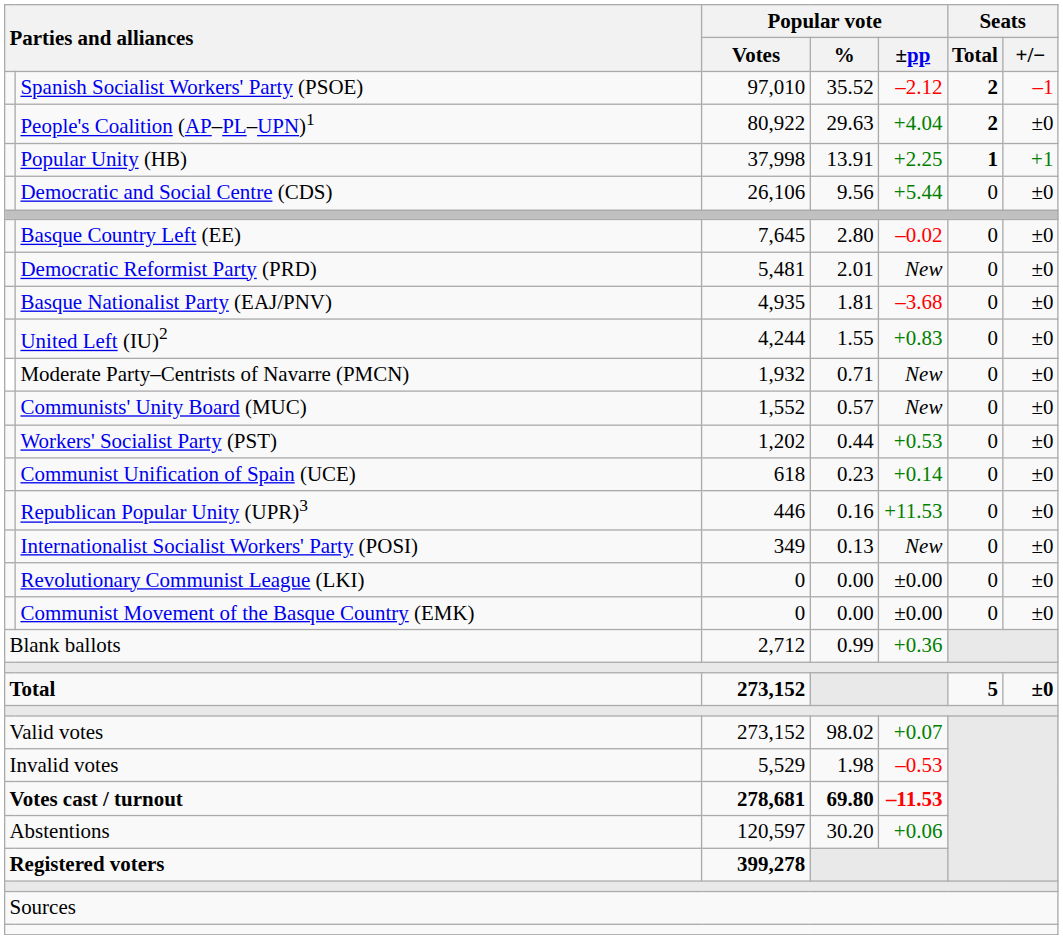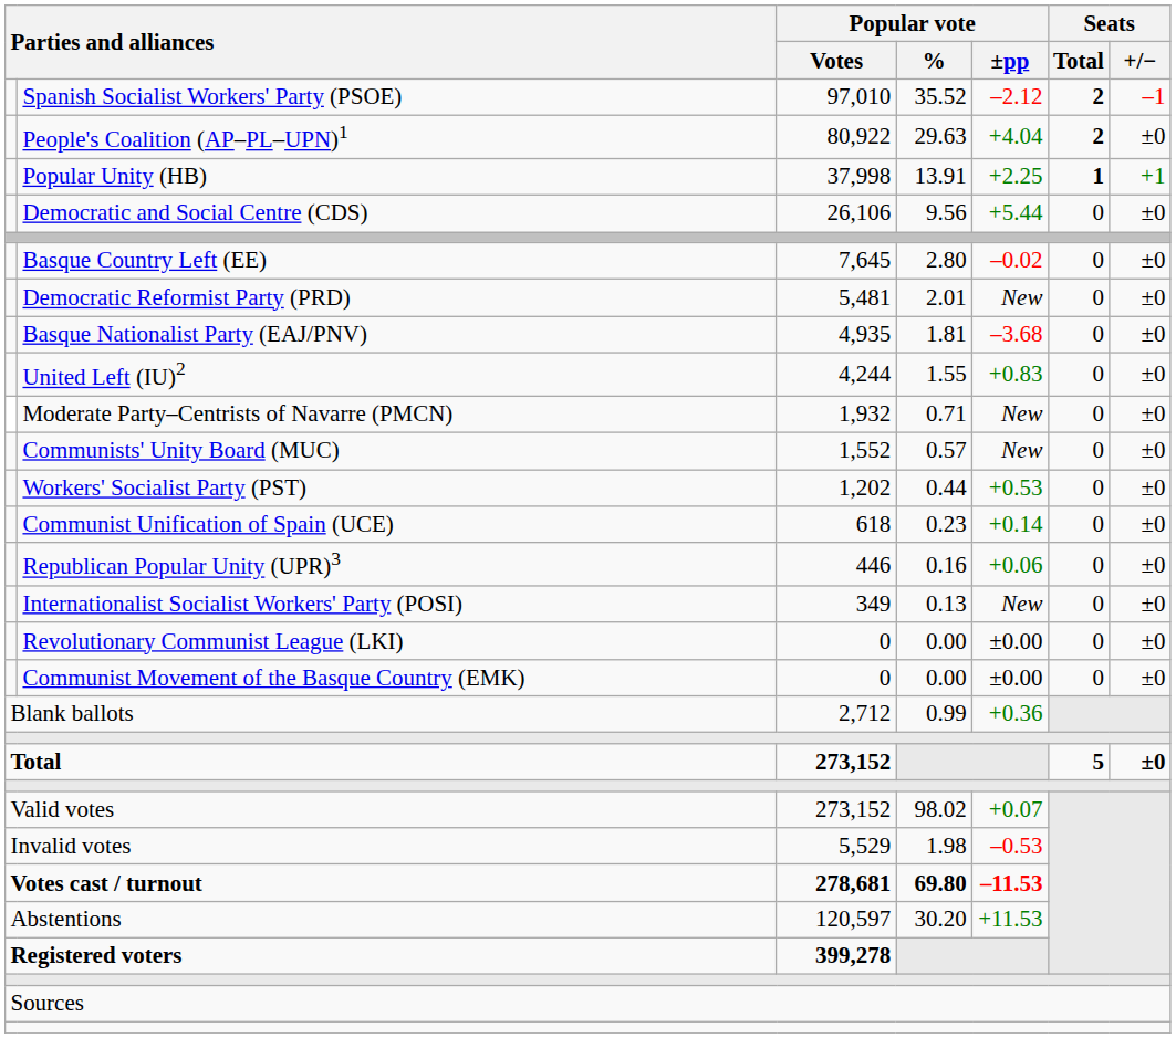 <table class="wikitable" style="text-align:right;">
 <tr>
 <th style="text-align:left;" rowspan="2" colspan="2" width="525">Parties and alliances</th>
 <th colspan="3">Popular vote</th>
 <th colspan="2">Seats</th>
 </tr>
 <tr>
 <th width="75">Votes</th>
 <th width="45">%</th>
 <th width="45">±<a href='#'>pp</a></th>
 <th width="35">Total</th>
 <th width="35">+/−</th>
 </tr>
 <tr>
 <td width="1" style="color:inherit;background:"></td>
 <td align="left"><a href='#'>Spanish Socialist Workers' Party</a> (PSOE)</td>
 <td>97,010</td>
 <td>35.52</td>
 <td style="color:red;">–2.12</td>
 <td><strong>2</strong></td>
 <td style="color:red;">–1</td>
 </tr>
 <tr>
 <td style="color:inherit;background:"></td>
 <td align="left"><a href='#'>People's Coalition</a> (<a href='#'>AP</a>–<a href='#'>PL</a>–<a href='#'>UPN</a>)<sup>1</sup></td>
 <td>80,922</td>
 <td>29.63</td>
 <td style="color:green;">+4.04</td>
 <td><strong>2</strong></td>
 <td>±0</td>
 </tr>
 <tr>
 <td style="color:inherit;background:"></td>
 <td align="left"><a href='#'>Popular Unity</a> (HB)</td>
 <td>37,998</td>
 <td>13.91</td>
 <td style="color:green;">+2.25</td>
 <td><strong>1</strong></td>
 <td style="color:green;">+1</td>
 </tr>
 <tr>
 <td style="color:inherit;background:"></td>
 <td align="left"><a href='#'>Democratic and Social Centre</a> (CDS)</td>
 <td>26,106</td>
 <td>9.56</td>
 <td style="color:green;">+5.44</td>
 <td>0</td>
 <td>±0</td>
 </tr>
 <tr>
 <td colspan="7" bgcolor="#C0C0C0"></td>
 </tr>
 <tr>
 <td style="color:inherit;background:"></td>
 <td align="left"><a href='#'>Basque Country Left</a> (EE)</td>
 <td>7,645</td>
 <td>2.80</td>
 <td style="color:red;">–0.02</td>
 <td>0</td>
 <td>±0</td>
 </tr>
 <tr>
 <td style="color:inherit;background:"></td>
 <td align="left"><a href='#'>Democratic Reformist Party</a> (PRD)</td>
 <td>5,481</td>
 <td>2.01</td>
 <td><em>New</em></td>
 <td>0</td>
 <td>±0</td>
 </tr>
 <tr>
 <td style="color:inherit;background:"></td>
 <td align="left"><a href='#'>Basque Nationalist Party</a> (EAJ/PNV)</td>
 <td>4,935</td>
 <td>1.81</td>
 <td style="color:red;">–3.68</td>
 <td>0</td>
 <td>±0</td>
 </tr>
 <tr>
 <td style="color:inherit;background:"></td>
 <td align="left"><a href='#'>United Left</a> (IU)<sup>2</sup></td>
 <td>4,244</td>
 <td>1.55</td>
 <td style="color:green;">+0.83</td>
 <td>0</td>
 <td>±0</td>
 </tr>
 <tr>
 <td bgcolor="white"></td>
 <td align="left">Moderate Party–Centrists of Navarre (PMCN)</td>
 <td>1,932</td>
 <td>0.71</td>
 <td><em>New</em></td>
 <td>0</td>
 <td>±0</td>
 </tr>
 <tr>
 <td style="color:inherit;background:"></td>
 <td align="left"><a href='#'>Communists' Unity Board</a> (MUC)</td>
 <td>1,552</td>
 <td>0.57</td>
 <td><em>New</em></td>
 <td>0</td>
 <td>±0</td>
 </tr>
 <tr>
 <td style="color:inherit;background:"></td>
 <td align="left"><a href='#'>Workers' Socialist Party</a> (PST)</td>
 <td>1,202</td>
 <td>0.44</td>
 <td style="color:green;">+0.53</td>
 <td>0</td>
 <td>±0</td>
 </tr>
 <tr>
 <td style="color:inherit;background:"></td>
 <td align="left"><a href='#'>Communist Unification of Spain</a> (UCE)</td>
 <td>618</td>
 <td>0.23</td>
 <td style="color:green;">+0.14</td>
 <td>0</td>
 <td>±0</td>
 </tr>
 <tr>
 <td style="color:inherit;background:"></td>
 <td align="left"><a href='#'>Republican Popular Unity</a> (UPR)<sup>3</sup></td>
 <td>446</td>
 <td>0.16</td>
-<td style="color:green;">+11.53</td>
+<td style="color:green;">+0.06</td>
 <td>0</td>
 <td>±0</td>
 </tr>
 <tr>
 <td style="color:inherit;background:"></td>
 <td align="left"><a href='#'>Internationalist Socialist Workers' Party</a> (POSI)</td>
 <td>349</td>
 <td>0.13</td>
 <td><em>New</em></td>
 <td>0</td>
 <td>±0</td>
 </tr>
 <tr>
 <td style="color:inherit;background:"></td>
 <td align="left"><a href='#'>Revolutionary Communist League</a> (LKI)</td>
 <td>0</td>
 <td>0.00</td>
 <td>±0.00</td>
 <td>0</td>
 <td>±0</td>
 </tr>
 <tr>
 <td style="color:inherit;background:"></td>
 <td align="left"><a href='#'>Communist Movement of the Basque Country</a> (EMK)</td>
 <td>0</td>
 <td>0.00</td>
 <td>±0.00</td>
 <td>0</td>
 <td>±0</td>
 </tr>
 <tr>
 <td align="left" colspan="2">Blank ballots</td>
 <td>2,712</td>
 <td>0.99</td>
 <td style="color:green;">+0.36</td>
 <td bgcolor="#E9E9E9" colspan="2"></td>
 </tr>
 <tr>
 <td colspan="7" bgcolor="#E9E9E9"></td>
 </tr>
 <tr style="font-weight:bold;">
 <td align="left" colspan="2">Total</td>
 <td>273,152</td>
 <td bgcolor="#E9E9E9" colspan="2"></td>
 <td>5</td>
 <td>±0</td>
 </tr>
 <tr>
 <td colspan="7" bgcolor="#E9E9E9"></td>
 </tr>
 <tr>
 <td align="left" colspan="2">Valid votes</td>
 <td>273,152</td>
 <td>98.02</td>
 <td style="color:green;">+0.07</td>
 <td bgcolor="#E9E9E9" colspan="2" rowspan="5"></td>
 </tr>
 <tr>
 <td align="left" colspan="2">Invalid votes</td>
 <td>5,529</td>
 <td>1.98</td>
 <td style="color:red;">–0.53</td>
 </tr>
 <tr style="font-weight:bold;">
 <td align="left" colspan="2">Votes cast / turnout</td>
 <td>278,681</td>
 <td>69.80</td>
 <td style="color:red;">–11.53</td>
 </tr>
 <tr>
 <td align="left" colspan="2">Abstentions</td>
 <td>120,597</td>
 <td>30.20</td>
-<td style="color:green;">+0.06</td>
+<td style="color:green;">+11.53</td>
 </tr>
 <tr style="font-weight:bold;">
 <td align="left" colspan="2">Registered voters</td>
 <td>399,278</td>
 <td bgcolor="#E9E9E9" colspan="2"></td>
 </tr>
 <tr>
 <td colspan="7" bgcolor="#E9E9E9"></td>
 </tr>
 <tr>
 <td align="left" colspan="7">Sources</td>
 </tr>
 <tr>
 <td colspan="7" style="text-align:left; max-width:790px;"></td>
 </tr>
 </table>
